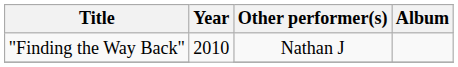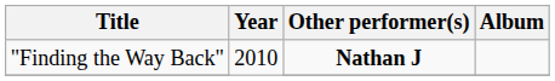 <table class="wikitable plainrowheaders" style="text-align:center;">
 <tr>
 <th scope="col">Title</th>
 <th scope="col">Year</th>
 <th scope="col">Other performer(s)</th>
 <th scope="col">Album</th>
 </tr>
 <tr>
 <td align="left">"Finding the Way Back"</td>
 <td rowspan="2">2010</td>
-<td>Nathan J</td>
+<td><strong>Nathan J</strong></td>
 <td></td>
 </tr>
 <tr>
 </tr>
 </table>
